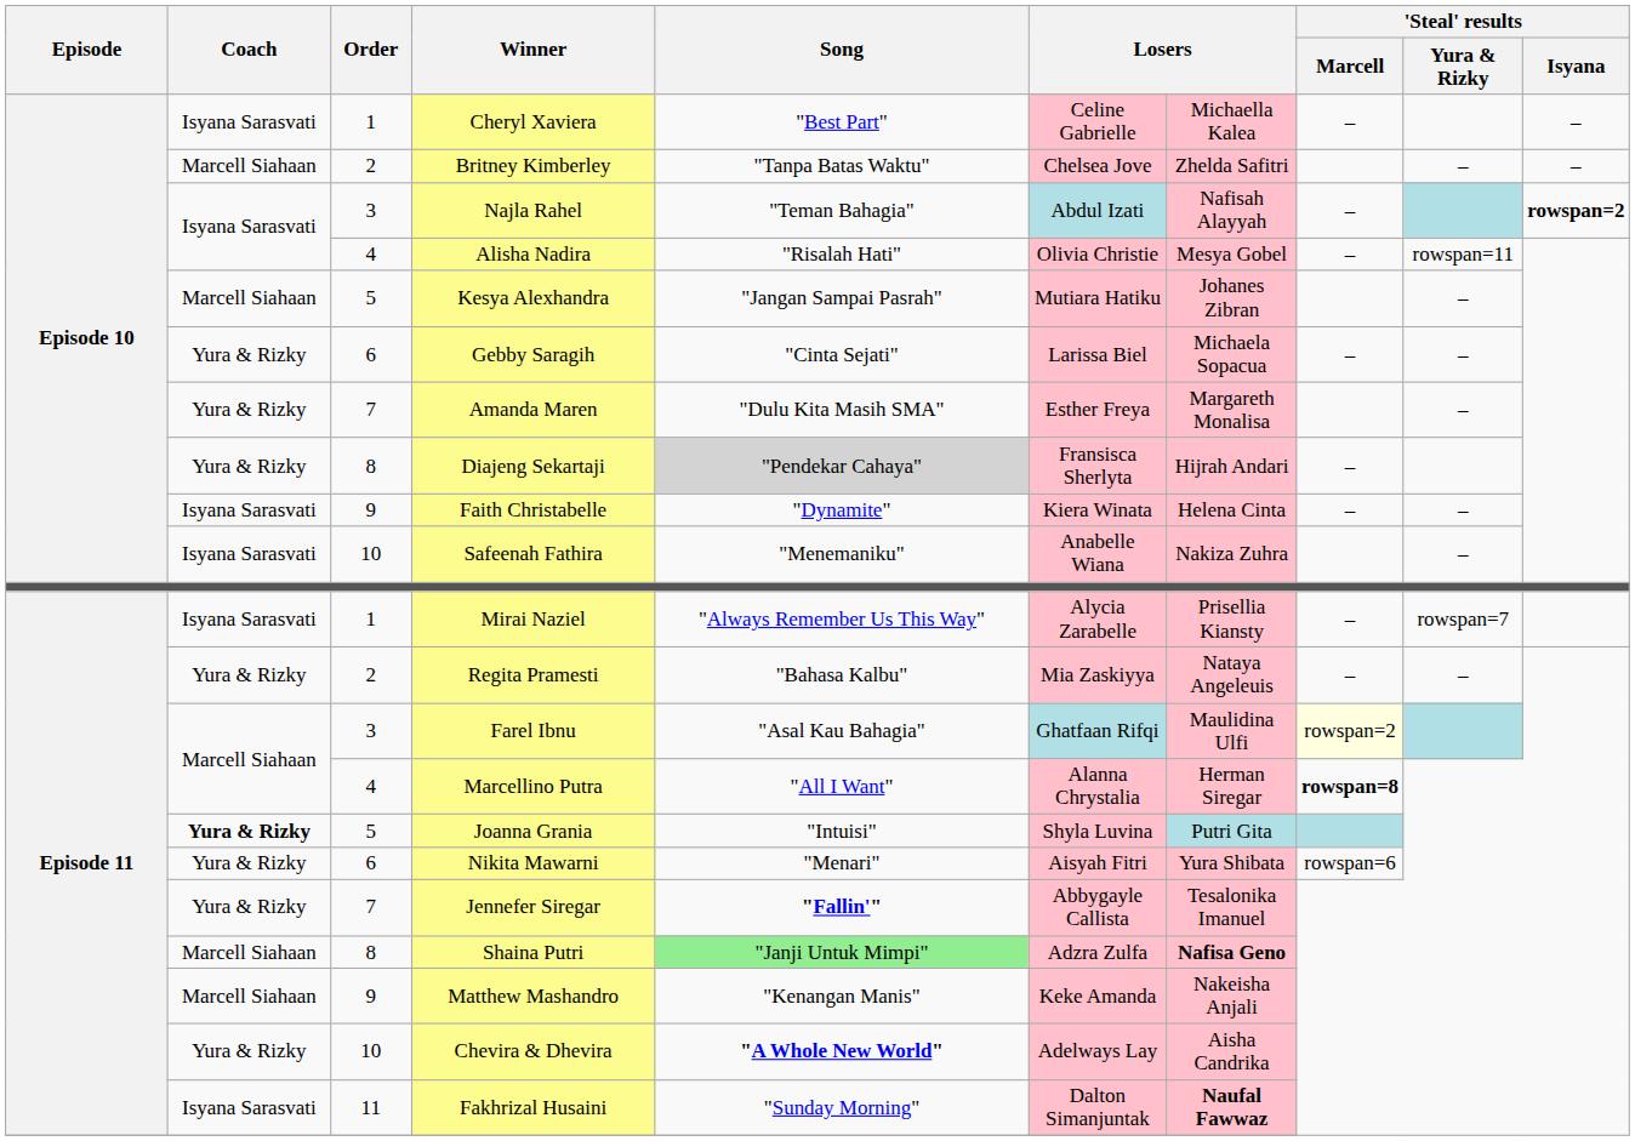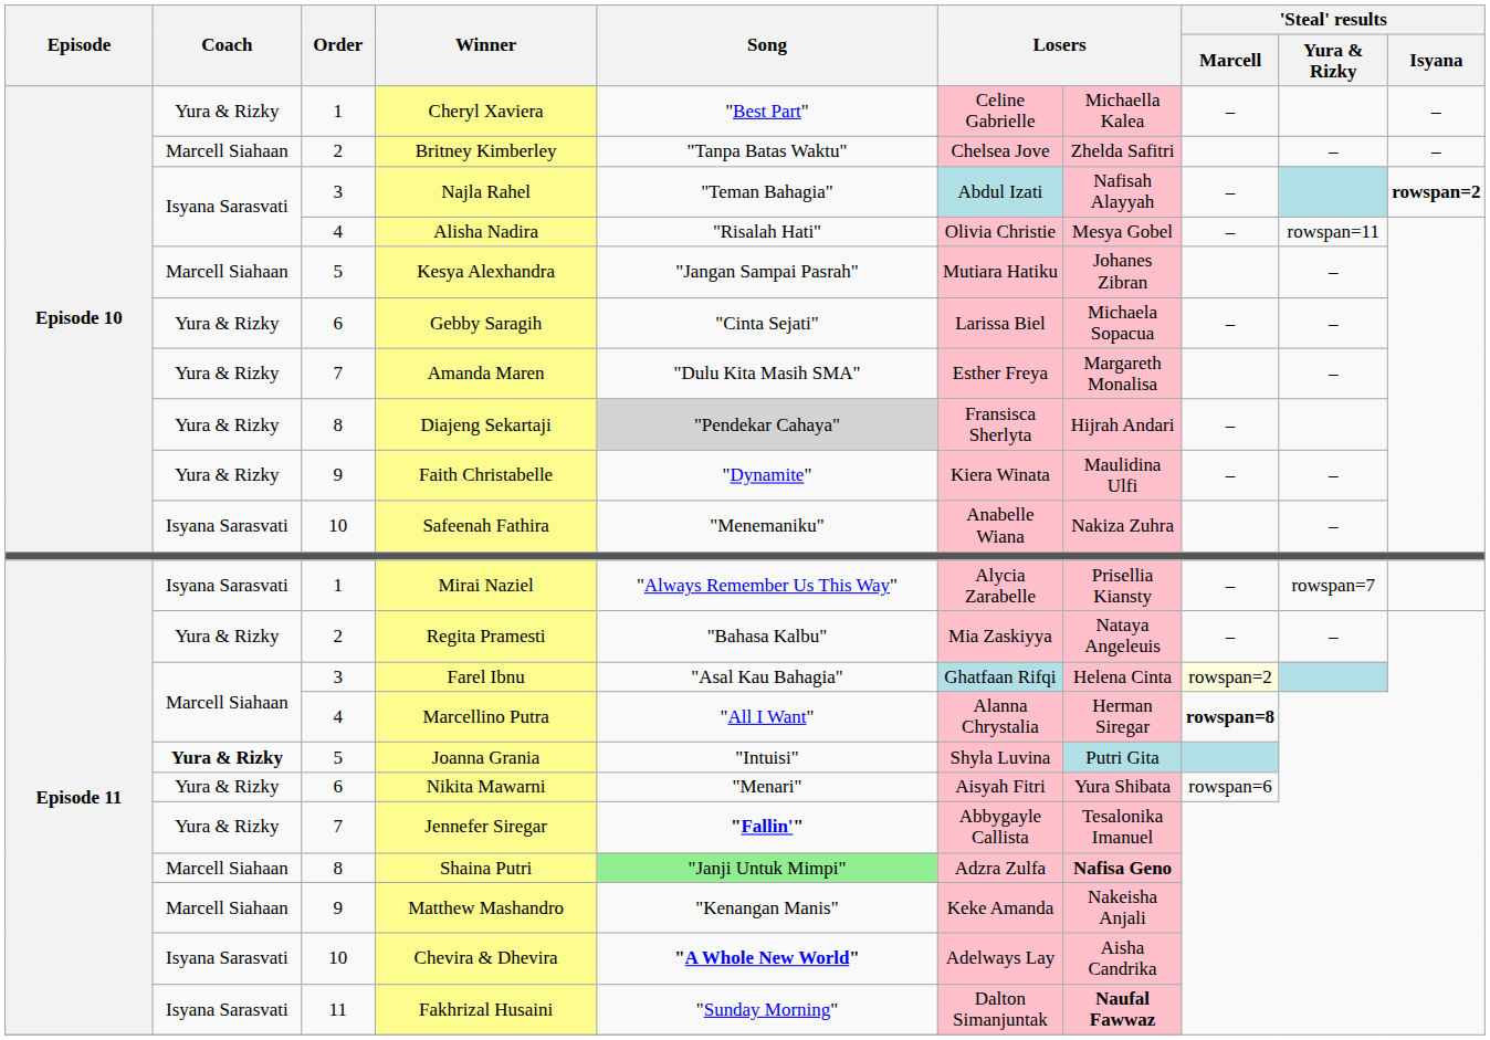 <table class="wikitable" style="text-align:center; width:100%;">
 <tr>
 <th rowspan=2 style="width:10%;">Episode</th>
 <th rowspan=2 style="width:10%;">Coach</th>
 <th rowspan=2 style="width:5%;">Order</th>
 <th rowspan=2 style="width:15%;">Winner</th>
 <th rowspan=2 style="width:23%;">Song</th>
 <th rowspan=2 colspan=2 style="width:40%:">Losers</th>
 <th colspan=3 style="width:33%:">'Steal' results</th>
 </tr>
 <tr>
 <th>Marcell</th>
 <th>Yura & Rizky</th>
 <th>Isyana</th>
 </tr>
 <tr>
 <th rowspan="10">Episode 10<br><small></small></th>
-<td>Isyana Sarasvati</td>
+<td>Yura & Rizky</td>
 <td>1</td>
 <td style="background:#fdfc8f;">Cheryl Xaviera</td>
 <td>"<a href='#'>Best Part</a>"</td>
 <td style="background:pink;">Celine Gabrielle</td>
 <td style="background:pink;">Michaella Kalea</td>
 <td>–</td>
 <td></td>
 <td>–</td>
 </tr>
 <tr>
 <td>Marcell Siahaan</td>
 <td>2</td>
 <td style="background:#fdfc8f;">Britney Kimberley</td>
 <td>"Tanpa Batas Waktu"</td>
 <td style="background:pink;">Chelsea Jove</td>
 <td style="background:pink;">Zhelda Safitri</td>
 <td></td>
 <td>–</td>
 <td>–</td>
 </tr>
 <tr>
 <td rowspan=2>Isyana Sarasvati</td>
 <td>3</td>
 <td style="background:#fdfc8f;">Najla Rahel</td>
 <td>"Teman Bahagia"</td>
 <td style="background:#b0e0e6;">Abdul Izati</td>
 <td style="background:pink;">Nafisah Alayyah</td>
 <td>–</td>
 <td style="background:#b0e0e6"><strong></strong></td>
 <td><strong>rowspan=2 </strong></td>
 </tr>
 <tr>
 <td>4</td>
 <td style="background:#fdfc8f;">Alisha Nadira</td>
 <td>"Risalah Hati"</td>
 <td style="background:pink;">Olivia Christie</td>
 <td style="background:pink;">Mesya Gobel</td>
 <td>–</td>
 <td>rowspan=11 </td>
 </tr>
 <tr>
 <td>Marcell Siahaan</td>
 <td>5</td>
 <td style="background:#fdfc8f;">Kesya Alexhandra</td>
 <td>"Jangan Sampai Pasrah"</td>
 <td style="background:pink;">Mutiara Hatiku</td>
 <td style="background:pink;">Johanes Zibran</td>
 <td></td>
 <td>–</td>
 </tr>
 <tr>
 <td>Yura & Rizky</td>
 <td>6</td>
 <td style="background:#fdfc8f;">Gebby Saragih</td>
 <td>"Cinta Sejati"</td>
 <td style="background:pink;">Larissa Biel</td>
 <td style="background:pink;">Michaela Sopacua</td>
 <td>–</td>
 <td>–</td>
 </tr>
 <tr>
 <td>Yura & Rizky</td>
 <td>7</td>
 <td style="background:#fdfc8f;">Amanda Maren</td>
 <td>"Dulu Kita Masih SMA"</td>
 <td style="background:pink;">Esther Freya</td>
 <td style="background:pink;">Margareth Monalisa</td>
 <td></td>
 <td>–</td>
 </tr>
 <tr>
 <td>Yura & Rizky</td>
 <td>8</td>
 <td style="background:#fdfc8f;">Diajeng Sekartaji</td>
 <td style="background: lightgrey;">"Pendekar Cahaya"</td>
 <td style="background:pink;">Fransisca Sherlyta</td>
 <td style="background:pink;">Hijrah Andari</td>
 <td>–</td>
 <td></td>
 </tr>
 <tr>
-<td>Isyana Sarasvati</td>
+<td>Yura & Rizky</td>
 <td>9</td>
 <td style="background:#fdfc8f;">Faith Christabelle</td>
 <td>"<a href='#'>Dynamite</a>"</td>
 <td style="background:pink;">Kiera Winata</td>
-<td style="background:pink;">Helena Cinta</td>
+<td style="background:pink;">Maulidina Ulfi</td>
 <td>–</td>
 <td>–</td>
 </tr>
 <tr>
 <td>Isyana Sarasvati</td>
 <td>10</td>
 <td style="background:#fdfc8f;">Safeenah Fathira</td>
 <td>"Menemaniku"</td>
 <td style="background:pink;">Anabelle Wiana</td>
 <td style="background:pink;">Nakiza Zuhra</td>
 <td></td>
 <td>–</td>
 </tr>
 <tr>
 <td colspan="10" style="background:#555;"></td>
 </tr>
 <tr>
 <th rowspan="11">Episode 11<br><small></small></th>
 <td>Isyana Sarasvati</td>
 <td>1</td>
 <td style="background:#fdfc8f;">Mirai Naziel</td>
 <td>"<a href='#'>Always Remember Us This Way</a>"</td>
 <td style="background:pink;">Alycia Zarabelle</td>
 <td style="background:pink;">Prisellia Kiansty</td>
 <td>–</td>
 <td>rowspan=7 </td>
 <td></td>
 </tr>
 <tr>
 <td>Yura & Rizky</td>
 <td>2</td>
 <td style="background:#fdfc8f;">Regita Pramesti</td>
 <td>"Bahasa Kalbu"</td>
 <td style="background:pink;">Mia Zaskiyya</td>
 <td style="background:pink;">Nataya Angeleuis</td>
 <td>–</td>
 <td>–</td>
 </tr>
 <tr>
 <td rowspan=2>Marcell Siahaan</td>
 <td>3</td>
 <td style="background:#fdfc8f;">Farel Ibnu</td>
 <td>"Asal Kau Bahagia"</td>
 <td style="background:#b0e0e6;">Ghatfaan Rifqi</td>
-<td style="background:pink;">Maulidina Ulfi</td>
+<td style="background:pink;">Helena Cinta</td>
 <td style="background: lightyellow;">rowspan=2 </td>
 <td style="background:#b0e0e6"><strong></strong></td>
 </tr>
 <tr>
 <td>4</td>
 <td style="background:#fdfc8f;">Marcellino Putra</td>
 <td>"<a href='#'>All I Want</a>"</td>
 <td style="background:pink;">Alanna Chrystalia</td>
 <td style="background:pink;">Herman Siregar</td>
 <td><strong>rowspan=8 </strong></td>
 </tr>
 <tr>
 <td><strong>Yura & Rizky</strong></td>
 <td>5</td>
 <td style="background:#fdfc8f;">Joanna Grania</td>
 <td>"Intuisi"</td>
 <td style="background:pink;">Shyla Luvina</td>
 <td style="background:#b0e0e6;">Putri Gita</td>
 <td style="background:#b0e0e6"><strong></strong></td>
 </tr>
 <tr>
 <td>Yura & Rizky</td>
 <td>6</td>
 <td style="background:#fdfc8f;">Nikita Mawarni</td>
 <td>"Menari"</td>
 <td style="background:pink;">Aisyah Fitri</td>
 <td style="background:pink;">Yura Shibata</td>
 <td>rowspan=6 </td>
 </tr>
 <tr>
 <td>Yura & Rizky</td>
 <td>7</td>
 <td style="background:#fdfc8f;">Jennefer Siregar</td>
 <td><strong>"<a href='#'>Fallin'</a>"</strong></td>
 <td style="background:pink;">Abbygayle Callista</td>
 <td style="background:pink;">Tesalonika Imanuel</td>
 </tr>
 <tr>
 <td>Marcell Siahaan</td>
 <td>8</td>
 <td style="background:#fdfc8f;">Shaina Putri</td>
 <td style="background: lightgreen;">"Janji Untuk Mimpi"</td>
 <td style="background:pink;">Adzra Zulfa</td>
 <td style="background:pink;"><strong>Nafisa Geno</strong></td>
 </tr>
 <tr>
 <td>Marcell Siahaan</td>
 <td>9</td>
 <td style="background:#fdfc8f;">Matthew Mashandro</td>
 <td>"Kenangan Manis"</td>
 <td style="background:pink;">Keke Amanda</td>
 <td style="background:pink;">Nakeisha Anjali</td>
 </tr>
 <tr>
-<td>Yura & Rizky</td>
+<td>Isyana Sarasvati</td>
 <td>10</td>
 <td style="background:#fdfc8f;">Chevira & Dhevira</td>
 <td><strong>"<a href='#'>A Whole New World</a>"</strong></td>
 <td style="background:pink;">Adelways Lay</td>
 <td style="background:pink;">Aisha Candrika</td>
 </tr>
 <tr>
 <td>Isyana Sarasvati</td>
 <td>11</td>
 <td style="background:#fdfc8f;">Fakhrizal Husaini</td>
 <td>"<a href='#'>Sunday Morning</a>"</td>
 <td style="background:pink;">Dalton Simanjuntak</td>
 <td style="background:pink;"><strong>Naufal Fawwaz</strong></td>
 </tr>
 <tr>
 </tr>
 </table>
